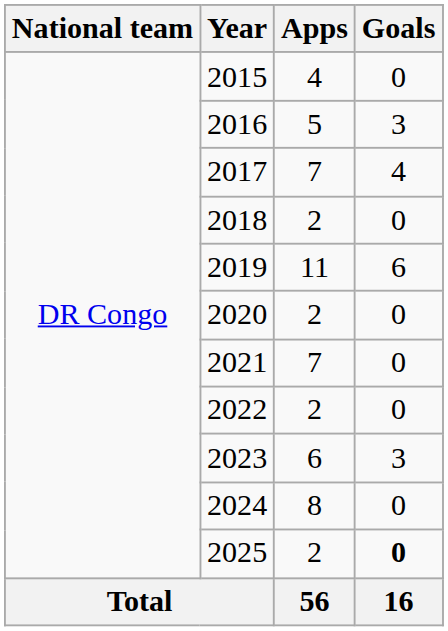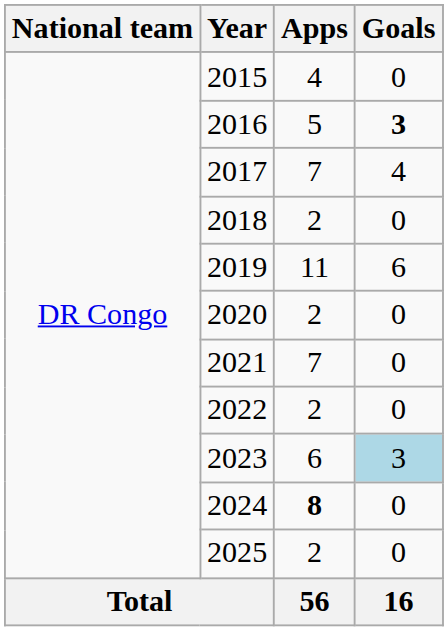 <table class="wikitable" style="text-align:center">
 <tr>
 <th>National team</th>
 <th>Year</th>
 <th>Apps</th>
 <th>Goals</th>
 </tr>
 <tr>
 <td rowspan="11"><a href='#'>DR Congo</a></td>
 <td>2015</td>
 <td>4</td>
 <td>0</td>
 </tr>
 <tr>
 <td>2016</td>
 <td>5</td>
-<td>3</td>
+<td><strong>3</strong></td>
 </tr>
 <tr>
 <td>2017</td>
 <td>7</td>
 <td>4</td>
 </tr>
 <tr>
 <td>2018</td>
 <td>2</td>
 <td>0</td>
 </tr>
 <tr>
 <td>2019</td>
 <td>11</td>
 <td>6</td>
 </tr>
 <tr>
 <td>2020</td>
 <td>2</td>
 <td>0</td>
 </tr>
 <tr>
 <td>2021</td>
 <td>7</td>
 <td>0</td>
 </tr>
 <tr>
 <td>2022</td>
 <td>2</td>
 <td>0</td>
 </tr>
 <tr>
 <td>2023</td>
 <td>6</td>
-<td>3</td>
+<td style="background: lightblue;">3</td>
 </tr>
 <tr>
 <td>2024</td>
-<td>8</td>
+<td><strong>8</strong></td>
 <td>0</td>
 </tr>
 <tr>
 <td>2025</td>
 <td>2</td>
-<td><strong>0</strong></td>
+<td>0</td>
 </tr>
 <tr>
 <th colspan="2">Total</th>
 <th>56</th>
 <th>16</th>
 </tr>
 </table>
